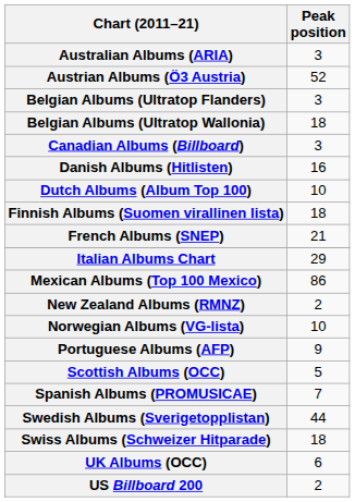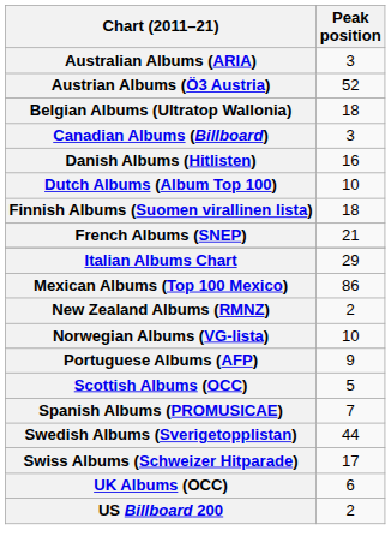 <table class="wikitable sortable plainrowheaders" style="text-align:center;">
 <tr>
 <th>Chart (2011–21)</th>
 <th>Peak<br>position</th>
 </tr>
 <tr>
 <th scope="row">Australian Albums (<a href='#'>ARIA</a>)</th>
 <td>3</td>
 </tr>
 <tr>
 <th scope="row">Austrian Albums (<a href='#'>Ö3 Austria</a>)</th>
 <td>52</td>
-</tr>
-<tr>
-<th scope="row">Belgian Albums (Ultratop Flanders)</th>
-<td>3</td>
 </tr>
 <tr>
 <th scope="row">Belgian Albums (Ultratop Wallonia)</th>
 <td>18</td>
 </tr>
 <tr>
 <th scope="row"><a href='#'>Canadian Albums</a> (<em><a href='#'>Billboard</a></em>)</th>
 <td>3</td>
 </tr>
 <tr>
 <th scope="row">Danish Albums (<a href='#'>Hitlisten</a>)</th>
 <td>16</td>
 </tr>
 <tr>
 <th scope="row"><a href='#'>Dutch Albums</a> (<a href='#'>Album Top 100</a>)</th>
 <td>10</td>
 </tr>
 <tr>
 <th scope="row">Finnish Albums (<a href='#'>Suomen virallinen lista</a>)</th>
 <td>18</td>
 </tr>
 <tr>
 <th scope="row">French Albums (<a href='#'>SNEP</a>)</th>
 <td>21</td>
 </tr>
 <tr>
 </tr>
 <tr>
 </tr>
 <tr>
 <th scope="row"><a href='#'>Italian Albums Chart</a></th>
 <td>29</td>
 </tr>
 <tr>
 <th scope="row">Mexican Albums (<a href='#'>Top 100 Mexico</a>)</th>
 <td>86</td>
 </tr>
 <tr>
 <th scope="row">New Zealand Albums (<a href='#'>RMNZ</a>)</th>
 <td>2</td>
 </tr>
 <tr>
 <th scope="row">Norwegian Albums (<a href='#'>VG-lista</a>)</th>
 <td>10</td>
 </tr>
 <tr>
 <th scope="row">Portuguese Albums (<a href='#'>AFP</a>)</th>
 <td>9</td>
 </tr>
 <tr>
 <th scope="row"><a href='#'>Scottish Albums</a> (<a href='#'>OCC</a>)</th>
 <td align="center">5</td>
 </tr>
 <tr>
 <th scope="row">Spanish Albums (<a href='#'>PROMUSICAE</a>)</th>
 <td>7</td>
 </tr>
 <tr>
 <th scope="row">Swedish Albums (<a href='#'>Sverigetopplistan</a>)</th>
 <td>44</td>
 </tr>
 <tr>
 <th scope="row">Swiss Albums (<a href='#'>Schweizer Hitparade</a>)</th>
-<td>18</td>
+<td>17</td>
 </tr>
 <tr>
 <th scope="row"><a href='#'>UK Albums</a> (OCC)</th>
 <td>6</td>
 </tr>
 <tr>
 <th scope="row">US <a href='#'><em>Billboard</em> 200</a></th>
 <td>2</td>
 </tr>
 </table>
